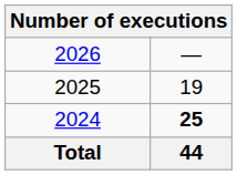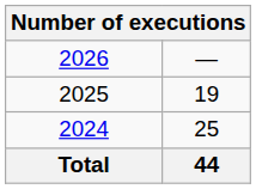 <table class="wikitable" style="text-align:center;">
 <tr>
 <th ! colspan="2">Number of executions</th>
 </tr>
 <tr>
 <td><a href='#'>2026</a></td>
 <td>—</td>
 </tr>
 <tr>
 <td>2025</td>
 <td>19</td>
 </tr>
 <tr>
 <td><a href='#'>2024</a></td>
-<td><strong>25</strong></td>
+<td>25</td>
 </tr>
 <tr>
 <th>Total</th>
 <th>44</th>
 </tr>
 </table>
